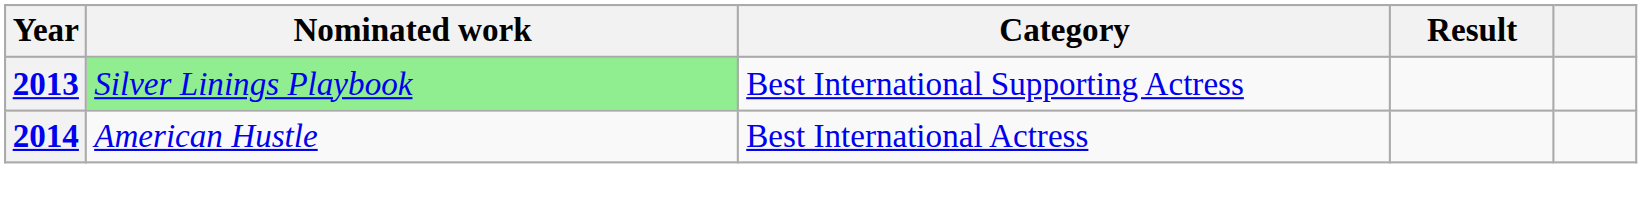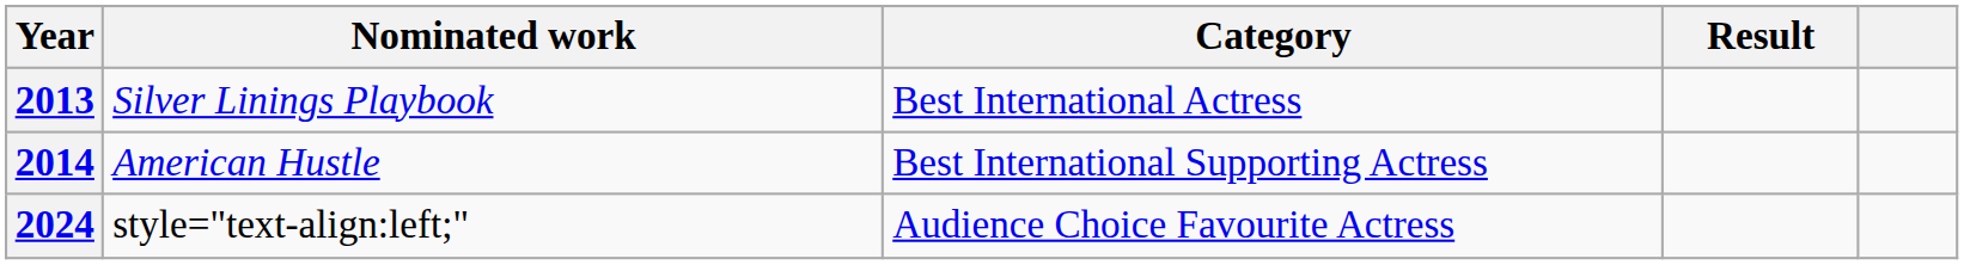 <table class="wikitable plainrowheaders">
 <tr>
 <th scope="col" style="width:5%;">Year</th>
 <th scope="col" style="width:40%;">Nominated work</th>
 <th scope="col" style="width:40%;">Category</th>
 <th scope="col" style="width:10%;">Result</th>
 <th scope="col" style="width:5%;"></th>
 </tr>
 <tr>
 <th scope="row" style="text-align:center;"><a href='#'>2013</a></th>
-<td style="background: lightgreen; text-align:left;"><em><a href='#'>Silver Linings Playbook</a></em></td>
-<td><a href='#'>Best International Supporting Actress</a></td>
+<td style="text-align:left;"><em><a href='#'>Silver Linings Playbook</a></em></td>
+<td><a href='#'>Best International Actress</a></td>
 <td></td>
 <td style="text-align:center;"></td>
 </tr>
 <tr>
 <th scope="row" style="text-align:center;"><a href='#'>2014</a></th>
 <td style="text-align:left;"><em><a href='#'>American Hustle</a></em></td>
-<td><a href='#'>Best International Actress</a></td>
+<td><a href='#'>Best International Supporting Actress</a></td>
+<td></td>
+<td style="text-align:center;"></td>
+</tr>
+<tr>
+<th scope="row" style="text-align:center;"><a href='#'>2024</a></th>
+<td>style="text-align:left;" </td>
+<td><a href='#'>Audience Choice Favourite Actress</a></td>
 <td></td>
 <td style="text-align:center;"></td>
 </tr>
 </table>
